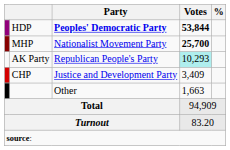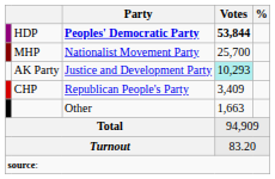 <table class="wikitable">
 <tr>
 <th colspan="2" align="center"></th>
 <th align="center">Party</th>
 <th align="center">Votes</th>
 <th align="center">%</th>
 </tr>
 <tr align="left">
 <td bgcolor="#91007B" width="1"></td>
 <td>HDP</td>
 <td><strong><a href='#'>Peoples' Democratic Party</a></strong></td>
 <td><strong>53,844</strong></td>
 <td><strong></strong></td>
 </tr>
 <tr align="left">
 <td bgcolor="#870000" width="1"></td>
 <td>MHP</td>
 <td><a href='#'>Nationalist Movement Party</a></td>
-<td><strong>25,700</strong></td>
+<td>25,700</td>
 <td></td>
 </tr>
 <tr align="left">
 <td></td>
 <td>AK Party</td>
-<td><a href='#'>Republican People's Party</a></td>
+<td><a href='#'>Justice and Development Party</a></td>
 <td style="background: paleturquoise;">10,293</td>
 <td></td>
 </tr>
 <tr align="left">
 <td bgcolor="#d50000" width="1"></td>
 <td>CHP</td>
-<td><a href='#'>Justice and Development Party</a></td>
+<td><a href='#'>Republican People's Party</a></td>
 <td>3,409</td>
 <td></td>
 </tr>
 <tr align="left">
 <td bgcolor=" " width="1"></td>
 <td></td>
 <td>Other</td>
 <td>1,663</td>
 <td></td>
 </tr>
 <tr align="left" style="background-color:#E9E9E9">
 <th colspan="3" align="center"><strong>Total</strong></th>
 <td colspan="5" align="center">94,909</td>
 </tr>
 <tr align="left" style="background-color:#E9E9E9">
 <th colspan="3" align="center"><em>Turnout</em></th>
 <td colspan="5" align="center">83.20</td>
 </tr>
 <tr>
 <td colspan="9" align="left"><small><strong>source</strong>: </small></td>
 </tr>
 </table>
